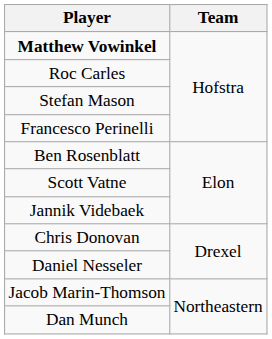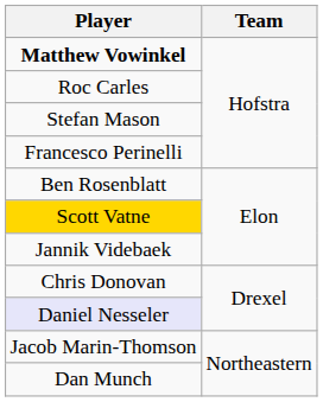 <table class="wikitable" style="text-align: center;">
 <tr>
 <th>Player</th>
 <th>Team</th>
 </tr>
 <tr>
 <td><strong>Matthew Vowinkel</strong></td>
 <td rowspan=4>Hofstra</td>
 </tr>
 <tr>
 <td>Roc Carles</td>
 </tr>
 <tr>
 <td>Stefan Mason</td>
 </tr>
 <tr>
 <td>Francesco Perinelli</td>
 </tr>
 <tr>
 <td>Ben Rosenblatt</td>
 <td rowspan=3>Elon</td>
 </tr>
 <tr>
-<td>Scott Vatne</td>
+<td style="background: gold;">Scott Vatne</td>
 </tr>
 <tr>
 <td>Jannik Videbaek</td>
 </tr>
 <tr>
 <td>Chris Donovan</td>
 <td rowspan=2>Drexel</td>
 </tr>
 <tr>
-<td>Daniel Nesseler</td>
+<td style="background: lavender;">Daniel Nesseler</td>
 </tr>
 <tr>
 <td>Jacob Marin-Thomson</td>
 <td rowspan=2>Northeastern</td>
 </tr>
 <tr>
 <td>Dan Munch</td>
 </tr>
 </table>
